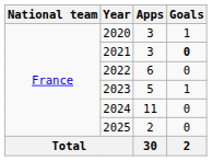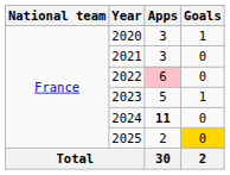 <table class="wikitable" style="text-align: center;">
 <tr>
 <th>National team</th>
 <th>Year</th>
 <th>Apps</th>
 <th>Goals</th>
 </tr>
 <tr>
 <td rowspan="6"><a href='#'>France</a></td>
 <td>2020</td>
 <td>3</td>
 <td>1</td>
 </tr>
 <tr>
 <td>2021</td>
 <td>3</td>
-<td><strong>0</strong></td>
+<td>0</td>
 </tr>
 <tr>
 <td>2022</td>
-<td>6</td>
+<td style="background: pink;">6</td>
 <td>0</td>
 </tr>
 <tr>
 <td>2023</td>
 <td>5</td>
 <td>1</td>
 </tr>
 <tr>
 <td>2024</td>
-<td>11</td>
+<td><strong>11</strong></td>
 <td>0</td>
 </tr>
 <tr>
 <td>2025</td>
 <td>2</td>
-<td>0</td>
+<td style="background: gold;">0</td>
 </tr>
 <tr>
 <th colspan="2">Total</th>
 <th>30</th>
 <th>2</th>
 </tr>
 </table>
